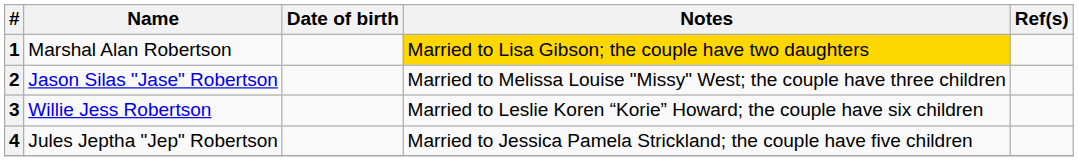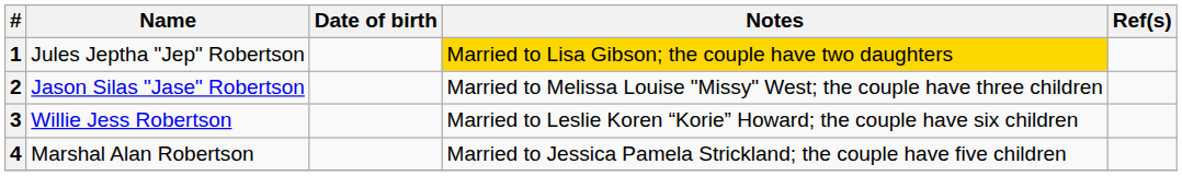 <table class="wikitable">
 <tr>
 <th>#</th>
 <th>Name</th>
 <th>Date of birth</th>
 <th>Notes</th>
 <th>Ref(s)</th>
 </tr>
 <tr>
 <th>1</th>
-<td>Marshal Alan Robertson</td>
+<td>Jules Jeptha "Jep" Robertson</td>
 <td></td>
 <td style="background: gold;">Married to Lisa Gibson; the couple have two daughters</td>
 <td style="text-align:center;"></td>
 </tr>
 <tr>
 <th>2</th>
 <td><a href='#'>Jason Silas "Jase" Robertson</a></td>
 <td></td>
 <td>Married to Melissa Louise "Missy" West; the couple have three children</td>
 <td style="text-align:center;"></td>
 </tr>
 <tr>
 <th>3</th>
 <td><a href='#'>Willie Jess Robertson</a></td>
 <td></td>
 <td>Married to Leslie Koren “Korie” Howard; the couple have six children</td>
 <td style="text-align:center;"></td>
 </tr>
 <tr>
 <th>4</th>
-<td>Jules Jeptha "Jep" Robertson</td>
+<td>Marshal Alan Robertson</td>
 <td></td>
 <td>Married to Jessica Pamela Strickland; the couple have five children</td>
 <td style="text-align:center;"></td>
 </tr>
 <tr>
 </tr>
 </table>
